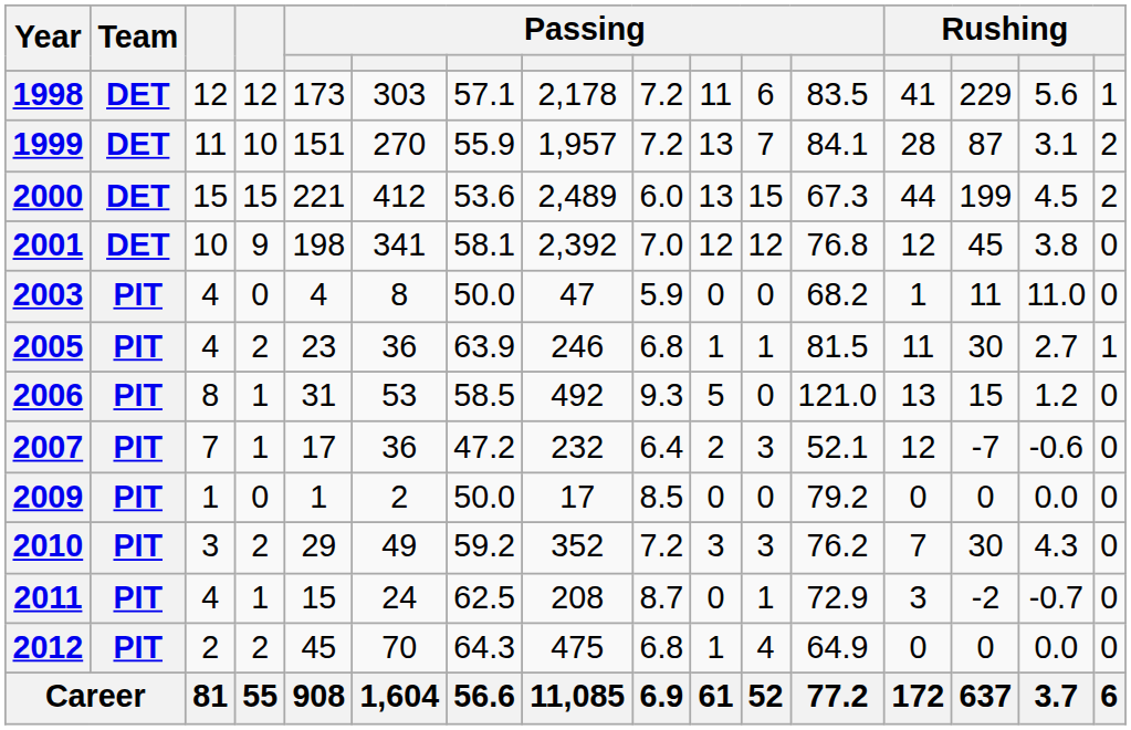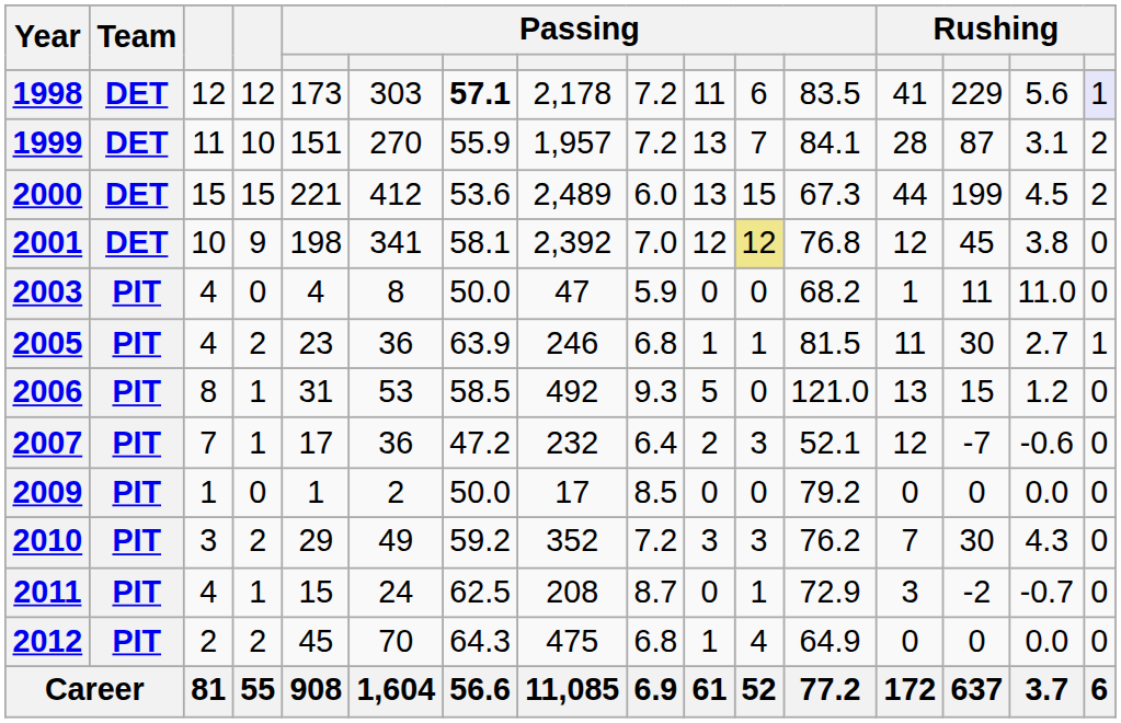 <table class="wikitable sortable" style="text-align:center">
 <tr>
 <th rowspan=2>Year</th>
 <th rowspan=2>Team</th>
 <th rowspan=2></th>
 <th rowspan=2></th>
 <th colspan=8>Passing</th>
 <th colspan=4>Rushing</th>
 </tr>
 <tr>
 <th></th>
 <th></th>
 <th></th>
 <th></th>
 <th></th>
 <th></th>
 <th></th>
 <th></th>
 <th></th>
 <th></th>
 <th></th>
 <th></th>
 </tr>
 <tr>
 <th><a href='#'>1998</a></th>
 <th><a href='#'>DET</a></th>
 <td>12</td>
 <td>12</td>
 <td>173</td>
 <td>303</td>
-<td>57.1</td>
+<td><strong>57.1</strong></td>
 <td>2,178</td>
 <td>7.2</td>
 <td>11</td>
 <td>6</td>
 <td>83.5</td>
 <td>41</td>
 <td>229</td>
 <td>5.6</td>
-<td>1</td>
+<td style="background: lavender;">1</td>
 </tr>
 <tr>
 <th><a href='#'>1999</a></th>
 <th><a href='#'>DET</a></th>
 <td>11</td>
 <td>10</td>
 <td>151</td>
 <td>270</td>
 <td>55.9</td>
 <td>1,957</td>
 <td>7.2</td>
 <td>13</td>
 <td>7</td>
 <td>84.1</td>
 <td>28</td>
 <td>87</td>
 <td>3.1</td>
 <td>2</td>
 </tr>
 <tr>
 <th><a href='#'>2000</a></th>
 <th><a href='#'>DET</a></th>
 <td>15</td>
 <td>15</td>
 <td>221</td>
 <td>412</td>
 <td>53.6</td>
 <td>2,489</td>
 <td>6.0</td>
 <td>13</td>
 <td>15</td>
 <td>67.3</td>
 <td>44</td>
 <td>199</td>
 <td>4.5</td>
 <td>2</td>
 </tr>
 <tr>
 <th><a href='#'>2001</a></th>
 <th><a href='#'>DET</a></th>
 <td>10</td>
 <td>9</td>
 <td>198</td>
 <td>341</td>
 <td>58.1</td>
 <td>2,392</td>
 <td>7.0</td>
 <td>12</td>
-<td>12</td>
+<td style="background: khaki;">12</td>
 <td>76.8</td>
 <td>12</td>
 <td>45</td>
 <td>3.8</td>
 <td>0</td>
 </tr>
 <tr>
 <th><a href='#'>2003</a></th>
 <th><a href='#'>PIT</a></th>
 <td>4</td>
 <td>0</td>
 <td>4</td>
 <td>8</td>
 <td>50.0</td>
 <td>47</td>
 <td>5.9</td>
 <td>0</td>
 <td>0</td>
 <td>68.2</td>
 <td>1</td>
 <td>11</td>
 <td>11.0</td>
 <td>0</td>
 </tr>
 <tr>
 <th><a href='#'>2005</a></th>
 <th><a href='#'>PIT</a></th>
 <td>4</td>
 <td>2</td>
 <td>23</td>
 <td>36</td>
 <td>63.9</td>
 <td>246</td>
 <td>6.8</td>
 <td>1</td>
 <td>1</td>
 <td>81.5</td>
 <td>11</td>
 <td>30</td>
 <td>2.7</td>
 <td>1</td>
 </tr>
 <tr>
 <th><a href='#'>2006</a></th>
 <th><a href='#'>PIT</a></th>
 <td>8</td>
 <td>1</td>
 <td>31</td>
 <td>53</td>
 <td>58.5</td>
 <td>492</td>
 <td>9.3</td>
 <td>5</td>
 <td>0</td>
 <td>121.0</td>
 <td>13</td>
 <td>15</td>
 <td>1.2</td>
 <td>0</td>
 </tr>
 <tr>
 <th><a href='#'>2007</a></th>
 <th><a href='#'>PIT</a></th>
 <td>7</td>
 <td>1</td>
 <td>17</td>
 <td>36</td>
 <td>47.2</td>
 <td>232</td>
 <td>6.4</td>
 <td>2</td>
 <td>3</td>
 <td>52.1</td>
 <td>12</td>
 <td>-7</td>
 <td>-0.6</td>
 <td>0</td>
 </tr>
 <tr>
 <th><a href='#'>2009</a></th>
 <th><a href='#'>PIT</a></th>
 <td>1</td>
 <td>0</td>
 <td>1</td>
 <td>2</td>
 <td>50.0</td>
 <td>17</td>
 <td>8.5</td>
 <td>0</td>
 <td>0</td>
 <td>79.2</td>
 <td>0</td>
 <td>0</td>
 <td>0.0</td>
 <td>0</td>
 </tr>
 <tr>
 <th><a href='#'>2010</a></th>
 <th><a href='#'>PIT</a></th>
 <td>3</td>
 <td>2</td>
 <td>29</td>
 <td>49</td>
 <td>59.2</td>
 <td>352</td>
 <td>7.2</td>
 <td>3</td>
 <td>3</td>
 <td>76.2</td>
 <td>7</td>
 <td>30</td>
 <td>4.3</td>
 <td>0</td>
 </tr>
 <tr>
 <th><a href='#'>2011</a></th>
 <th><a href='#'>PIT</a></th>
 <td>4</td>
 <td>1</td>
 <td>15</td>
 <td>24</td>
 <td>62.5</td>
 <td>208</td>
 <td>8.7</td>
 <td>0</td>
 <td>1</td>
 <td>72.9</td>
 <td>3</td>
 <td>-2</td>
 <td>-0.7</td>
 <td>0</td>
 </tr>
 <tr>
 <th><a href='#'>2012</a></th>
 <th><a href='#'>PIT</a></th>
 <td>2</td>
 <td>2</td>
 <td>45</td>
 <td>70</td>
 <td>64.3</td>
 <td>475</td>
 <td>6.8</td>
 <td>1</td>
 <td>4</td>
 <td>64.9</td>
 <td>0</td>
 <td>0</td>
 <td>0.0</td>
 <td>0</td>
 </tr>
 <tr>
 <th colspan=2>Career</th>
 <th>81</th>
 <th>55</th>
 <th>908</th>
 <th>1,604</th>
 <th>56.6</th>
 <th>11,085</th>
 <th>6.9</th>
 <th>61</th>
 <th>52</th>
 <th>77.2</th>
 <th>172</th>
 <th>637</th>
 <th>3.7</th>
 <th>6</th>
 </tr>
 </table>
